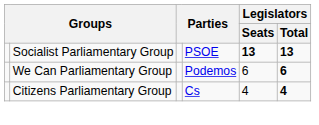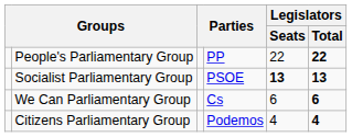 <table class="wikitable" style="text-align:left;">
 <tr>
 <th rowspan="2" colspan="2">Groups</th>
 <th rowspan="2" colspan="2">Parties</th>
 <th colspan="2">Legislators</th>
 </tr>
 <tr>
 <th>Seats</th>
 <th>Total</th>
+</tr>
+<tr>
+<td width="1" style="color:inherit;background:"></td>
+<td>People's Parliamentary Group</td>
+<td width="1" style="color:inherit;background:"></td>
+<td><a href='#'>PP</a></td>
+<td>22</td>
+<td><strong>22</strong></td>
 </tr>
 <tr>
 <td style="color:inherit;background:"></td>
 <td>Socialist Parliamentary Group</td>
 <td style="color:inherit;background:"></td>
 <td><a href='#'>PSOE</a></td>
 <td><strong>13</strong></td>
 <td><strong>13</strong></td>
 </tr>
 <tr>
 <td style="color:inherit;background:"></td>
 <td>We Can Parliamentary Group</td>
 <td style="color:inherit;background:"></td>
-<td><a href='#'>Podemos</a></td>
+<td><a href='#'>Cs</a></td>
 <td>6</td>
 <td><strong>6</strong></td>
 </tr>
 <tr>
 <td style="color:inherit;background:"></td>
 <td>Citizens Parliamentary Group</td>
 <td style="color:inherit;background:"></td>
-<td><a href='#'>Cs</a></td>
+<td><a href='#'>Podemos</a></td>
 <td>4</td>
 <td><strong>4</strong></td>
 </tr>
 </table>
